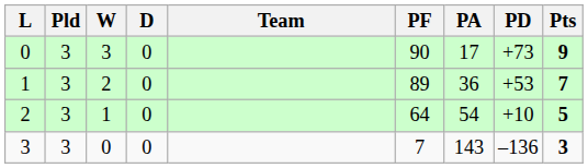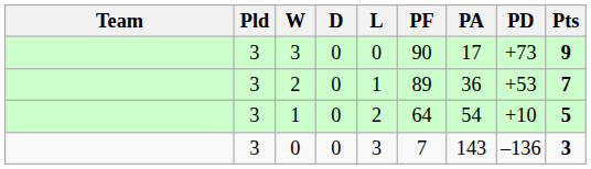 <table class="wikitable" style="text-align:center;">
 <tr>
-<th width=25 abbr="Lost">L</th>
+<th width=175>Team</th>
 <th width=25 abbr="Played">Pld</th>
 <th width=25 abbr="Won">W</th>
 <th width=25 abbr="Drawn">D</th>
-<th width=175>Team</th>
+<th width=25 abbr="Lost">L</th>
 <th width=32 abbr="Points for">PF</th>
 <th width=32 abbr="Points against">PA</th>
 <th width=32 abbr="Points difference">PD</th>
 <th width=25 abbr="Points">Pts</th>
 </tr>
 <tr bgcolor=ccffcc>
-<td>0</td>
+<td align=left></td>
 <td>3</td>
 <td>3</td>
 <td>0</td>
-<td align=left></td>
+<td>0</td>
 <td>90</td>
 <td>17</td>
 <td>+73</td>
 <td><strong>9</strong></td>
 </tr>
 <tr bgcolor=ccffcc>
-<td>1</td>
+<td align=left></td>
 <td>3</td>
 <td>2</td>
 <td>0</td>
-<td align=left></td>
+<td>1</td>
 <td>89</td>
 <td>36</td>
 <td>+53</td>
 <td><strong>7</strong></td>
 </tr>
 <tr bgcolor=ccffcc>
-<td>2</td>
+<td align=left></td>
 <td>3</td>
 <td>1</td>
 <td>0</td>
-<td align=left></td>
+<td>2</td>
 <td>64</td>
 <td>54</td>
 <td>+10</td>
 <td><strong>5</strong></td>
 </tr>
 <tr>
-<td>3</td>
+<td align=left></td>
 <td>3</td>
 <td>0</td>
 <td>0</td>
-<td align=left></td>
+<td>3</td>
 <td>7</td>
 <td>143</td>
 <td>–136</td>
 <td><strong>3</strong></td>
 </tr>
 </table>
